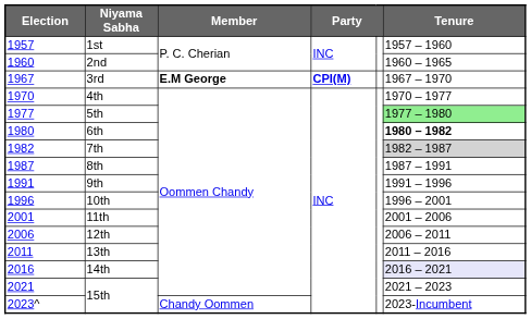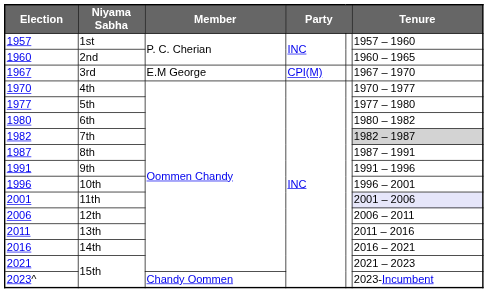 <table class="sortable" width="55%" cellpadding="2" cellspacing="0" border="1" style="border-collapse: collapse; border: 2px #000000 solid; font-size: x-big">
 <tr>
 <th style="background-color:#666666; color:white">Election</th>
 <th style="background-color:#666666; color:white">Niyama<br>Sabha</th>
 <th style="background-color:#666666; color:white">Member</th>
 <th style="background-color:#666666; color:white" colspan="2">Party</th>
 <th style="background-color:#666666; color:white">Tenure</th>
 </tr>
 <tr>
 <td><a href='#'>1957</a></td>
 <td>1st</td>
 <td rowspan="2">P. C. Cherian</td>
 <td rowspan="2"><a href='#'>INC</a></td>
 <td rowspan="2" width="4px" style="background-color: "></td>
 <td>1957 – 1960</td>
 </tr>
 <tr>
 <td><a href='#'>1960</a></td>
 <td>2nd</td>
 <td>1960 – 1965</td>
 </tr>
 <tr>
 <td><a href='#'>1967</a></td>
 <td>3rd</td>
-<td><strong>E.M George</strong></td>
-<td><strong><a href='#'>CPI(M)</a></strong></td>
+<td>E.M George</td>
+<td><a href='#'>CPI(M)</a></td>
 <td width="4px" style="background-color: "></td>
 <td>1967 – 1970</td>
 </tr>
 <tr>
 <td><a href='#'>1970</a></td>
 <td>4th</td>
 <td rowspan="12"><a href='#'>Oommen Chandy</a></td>
 <td rowspan="13"><a href='#'>INC</a></td>
 <td rowspan="13" width="4px" style="background-color: "></td>
 <td>1970 – 1977</td>
 </tr>
 <tr>
 <td><a href='#'>1977</a></td>
 <td>5th</td>
-<td style="background: lightgreen;">1977 – 1980</td>
+<td>1977 – 1980</td>
 </tr>
 <tr>
 <td><a href='#'>1980</a></td>
 <td>6th</td>
-<td><strong>1980 – 1982</strong></td>
+<td>1980 – 1982</td>
 </tr>
 <tr>
 <td><a href='#'>1982</a></td>
 <td>7th</td>
 <td style="background: lightgrey;">1982 – 1987</td>
 </tr>
 <tr>
 <td><a href='#'>1987</a></td>
 <td>8th</td>
 <td>1987 – 1991</td>
 </tr>
 <tr>
 <td><a href='#'>1991</a></td>
 <td>9th</td>
 <td>1991 – 1996</td>
 </tr>
 <tr>
 <td><a href='#'>1996</a></td>
 <td>10th</td>
 <td>1996 – 2001</td>
 </tr>
 <tr>
 <td><a href='#'>2001</a></td>
 <td>11th</td>
-<td>2001 – 2006</td>
+<td style="background: lavender;">2001 – 2006</td>
 </tr>
 <tr>
 <td><a href='#'>2006</a></td>
 <td>12th</td>
 <td>2006 – 2011</td>
 </tr>
 <tr>
 <td><a href='#'>2011</a></td>
 <td>13th</td>
 <td>2011 – 2016</td>
 </tr>
 <tr>
 <td><a href='#'>2016</a></td>
 <td>14th</td>
-<td style="background: lavender;">2016 – 2021</td>
+<td>2016 – 2021</td>
 </tr>
 <tr>
 <td><a href='#'>2021</a></td>
 <td rowspan="2">15th</td>
 <td>2021 – 2023</td>
 </tr>
 <tr>
 <td><a href='#'>2023</a>^</td>
 <td rowspan="12"><a href='#'>Chandy Oommen</a></td>
 <td>2023-<a href='#'>Incumbent</a></td>
 </tr>
 </table>
